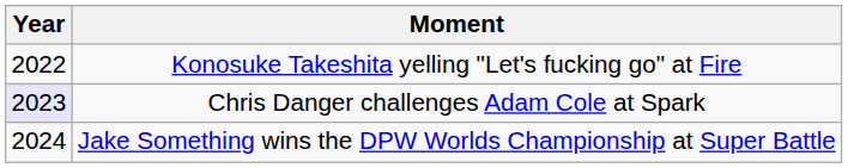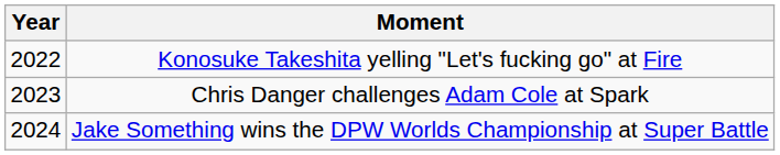 <table class="wikitable sortable" style="text-align: center">
 <tr>
 <th>Year</th>
 <th>Moment</th>
 </tr>
 <tr>
 <td>2022</td>
 <td><a href='#'>Konosuke Takeshita</a> yelling "Let's fucking go" at <a href='#'>Fire</a></td>
 </tr>
 <tr>
-<td style="background: lavender;">2023</td>
+<td>2023</td>
 <td>Chris Danger challenges <a href='#'>Adam Cole</a> at Spark</td>
 </tr>
 <tr>
 <td>2024</td>
 <td><a href='#'>Jake Something</a> wins the <a href='#'>DPW Worlds Championship</a> at <a href='#'>Super Battle</a></td>
 </tr>
 </table>
